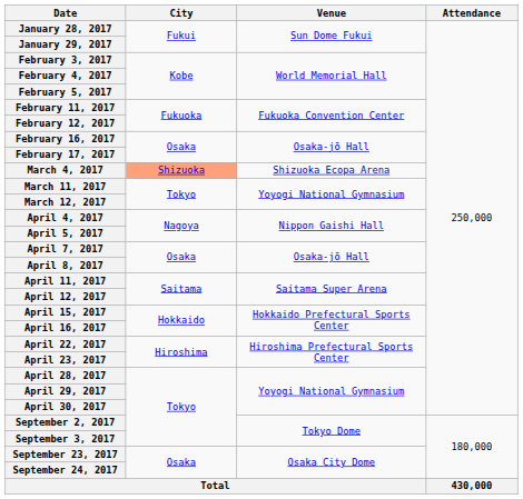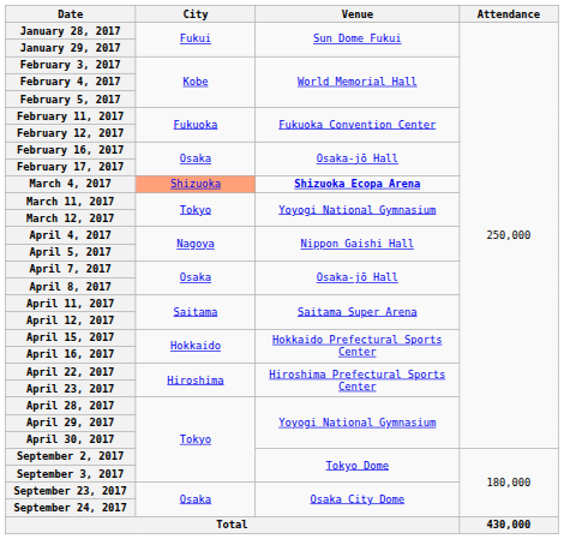 <table class="wikitable plainrowheaders" style="text-align:center;">
 <tr>
 <th scope="col" style="width:12em;">Date</th>
 <th scope="col" style="width:11em;">City</th>
 <th scope="col" style="width:19em;">Venue</th>
 <th scope="col" style="width:9em;">Attendance</th>
 </tr>
 <tr>
 <th scope="row" style="text-align:center">January 28, 2017</th>
 <td rowspan="2"><a href='#'>Fukui</a></td>
 <td rowspan="2"><a href='#'>Sun Dome Fukui</a></td>
 <td rowspan="25">250,000</td>
 </tr>
 <tr>
 <th scope="row" style="text-align:center">January 29, 2017</th>
 </tr>
 <tr>
 <th scope="row" style="text-align:center">February 3, 2017</th>
 <td rowspan="3"><a href='#'>Kobe</a></td>
 <td rowspan="3"><a href='#'>World Memorial Hall</a></td>
 </tr>
 <tr>
 <th scope="row" style="text-align:center">February 4, 2017</th>
 </tr>
 <tr>
 <th scope="row" style="text-align:center">February 5, 2017</th>
 </tr>
 <tr>
 <th scope="row" style="text-align:center">February 11, 2017</th>
 <td rowspan="2"><a href='#'>Fukuoka</a></td>
 <td rowspan="2"><a href='#'>Fukuoka Convention Center</a></td>
 </tr>
 <tr>
 <th scope="row" style="text-align:center">February 12, 2017</th>
 </tr>
 <tr>
 <th scope="row" style="text-align:center">February 16, 2017</th>
 <td rowspan="2"><a href='#'>Osaka</a></td>
 <td rowspan="2"><a href='#'>Osaka-jō Hall</a></td>
 </tr>
 <tr>
 <th scope="row" style="text-align:center">February 17, 2017</th>
 </tr>
 <tr>
 <th scope="row" style="text-align:center">March 4, 2017</th>
 <td style="background: lightsalmon;"><a href='#'>Shizuoka</a></td>
-<td><a href='#'>Shizuoka Ecopa Arena</a></td>
+<td><strong><a href='#'>Shizuoka Ecopa Arena</a></strong></td>
 </tr>
 <tr>
 <th scope="row" style="text-align:center">March 11, 2017</th>
 <td rowspan="2"><a href='#'>Tokyo</a></td>
 <td rowspan="2"><a href='#'>Yoyogi National Gymnasium</a></td>
 </tr>
 <tr>
 <th scope="row" style="text-align:center">March 12, 2017</th>
 </tr>
 <tr>
 <th scope="row" style="text-align:center">April 4, 2017</th>
 <td rowspan="2"><a href='#'>Nagoya</a></td>
 <td rowspan="2"><a href='#'>Nippon Gaishi Hall</a></td>
 </tr>
 <tr>
 <th scope="row" style="text-align:center">April 5, 2017</th>
 </tr>
 <tr>
 <th scope="row" style="text-align:center">April 7, 2017</th>
 <td rowspan="2"><a href='#'>Osaka</a></td>
 <td rowspan="2"><a href='#'>Osaka-jō Hall</a></td>
 </tr>
 <tr>
 <th scope="row" style="text-align:center">April 8, 2017</th>
 </tr>
 <tr>
 <th scope="row" style="text-align:center">April 11, 2017</th>
 <td rowspan="2"><a href='#'>Saitama</a></td>
 <td rowspan="2"><a href='#'>Saitama Super Arena</a></td>
 </tr>
 <tr>
 <th scope="row" style="text-align:center">April 12, 2017</th>
 </tr>
 <tr>
 <th scope="row" style="text-align:center">April 15, 2017</th>
 <td rowspan="2"><a href='#'>Hokkaido</a></td>
 <td rowspan="2"><a href='#'>Hokkaido Prefectural Sports Center</a></td>
 </tr>
 <tr>
 <th scope="row" style="text-align:center">April 16, 2017</th>
 </tr>
 <tr>
 <th scope="row" style="text-align:center">April 22, 2017</th>
 <td rowspan="2"><a href='#'>Hiroshima</a></td>
 <td rowspan="2"><a href='#'>Hiroshima Prefectural Sports Center</a></td>
 </tr>
 <tr>
 <th scope="row" style="text-align:center">April 23, 2017</th>
 </tr>
 <tr>
 <th scope="row" style="text-align:center">April 28, 2017</th>
 <td rowspan="5"><a href='#'>Tokyo</a></td>
 <td rowspan="3"><a href='#'>Yoyogi National Gymnasium</a></td>
 </tr>
 <tr>
 <th scope="row" style="text-align:center">April 29, 2017</th>
 </tr>
 <tr>
 <th scope="row" style="text-align:center">April 30, 2017</th>
 </tr>
 <tr>
 <th scope="row" style="text-align:center">September 2, 2017</th>
 <td rowspan="2"><a href='#'>Tokyo Dome</a></td>
 <td rowspan="4">180,000</td>
 </tr>
 <tr>
 <th scope="row" style="text-align:center">September 3, 2017</th>
 </tr>
 <tr>
 <th scope="row" style="text-align:center">September 23, 2017</th>
 <td rowspan="2"><a href='#'>Osaka</a></td>
 <td rowspan="2"><a href='#'>Osaka City Dome</a></td>
 </tr>
 <tr>
 <th scope="row" style="text-align:center">September 24, 2017</th>
 </tr>
 <tr>
 <th colspan="3">Total</th>
 <th>430,000</th>
 </tr>
 </table>
